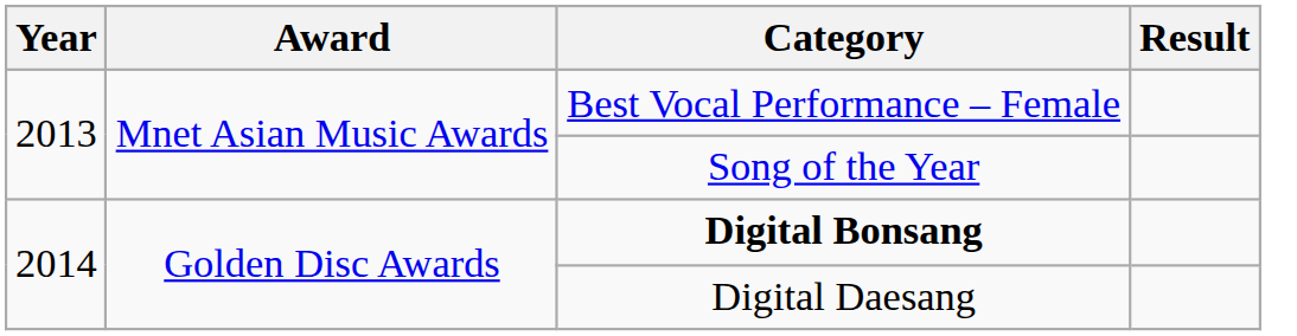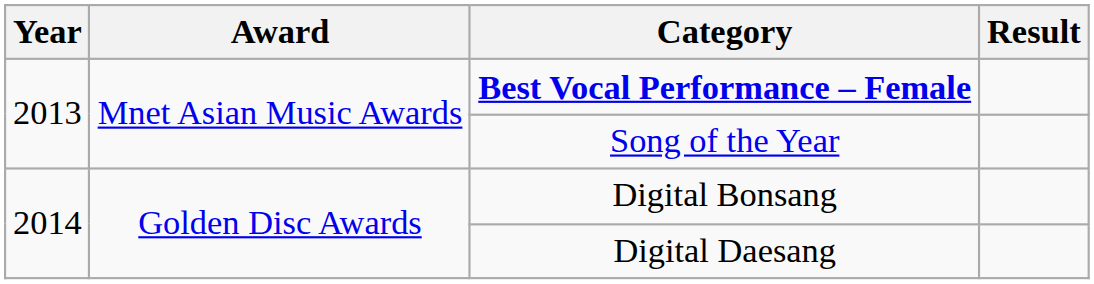 <table class="wikitable plainrowheaders" style="text-align:center;">
 <tr>
 <th>Year</th>
 <th>Award</th>
 <th>Category</th>
 <th>Result</th>
 </tr>
 <tr>
 <td rowspan="2">2013</td>
 <td rowspan="2"><a href='#'>Mnet Asian Music Awards</a></td>
-<td><a href='#'>Best Vocal Performance – Female</a></td>
+<td><strong><a href='#'>Best Vocal Performance – Female</a></strong></td>
 <td></td>
 </tr>
 <tr>
 <td><a href='#'>Song of the Year</a></td>
 <td></td>
 </tr>
 <tr>
 <td rowspan="2">2014</td>
 <td rowspan="2"><a href='#'>Golden Disc Awards</a></td>
-<td><strong>Digital Bonsang</strong></td>
+<td>Digital Bonsang</td>
 <td></td>
 </tr>
 <tr>
 <td>Digital Daesang</td>
 <td></td>
 </tr>
 </table>
